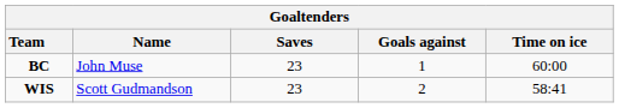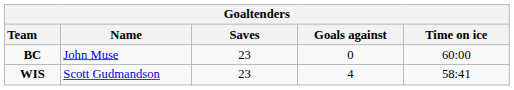 <table class="wikitable" style="width:40em; text-align:right;">
 <tr>
 <th colspan=5>Goaltenders</th>
 </tr>
 <tr>
 <th style="width:4em; text-align:left;">Team</th>
 <th style="width:10em;">Name</th>
 <th style="width:8em;">Saves</th>
 <th style="width:8em;">Goals against</th>
 <th style="width:8em;">Time on ice</th>
 </tr>
 <tr>
 <td align=center><strong>BC</strong></td>
 <td style="text-align:left;"><a href='#'>John Muse</a></td>
 <td align=center>23</td>
-<td align=center>1</td>
+<td align=center>0</td>
 <td align=center>60:00</td>
 </tr>
 <tr>
 <td align=center><strong>WIS</strong></td>
 <td style="text-align:left;"><a href='#'>Scott Gudmandson</a></td>
 <td align=center>23</td>
-<td align=center>2</td>
+<td align=center>4</td>
 <td align=center>58:41</td>
 </tr>
 </table>
